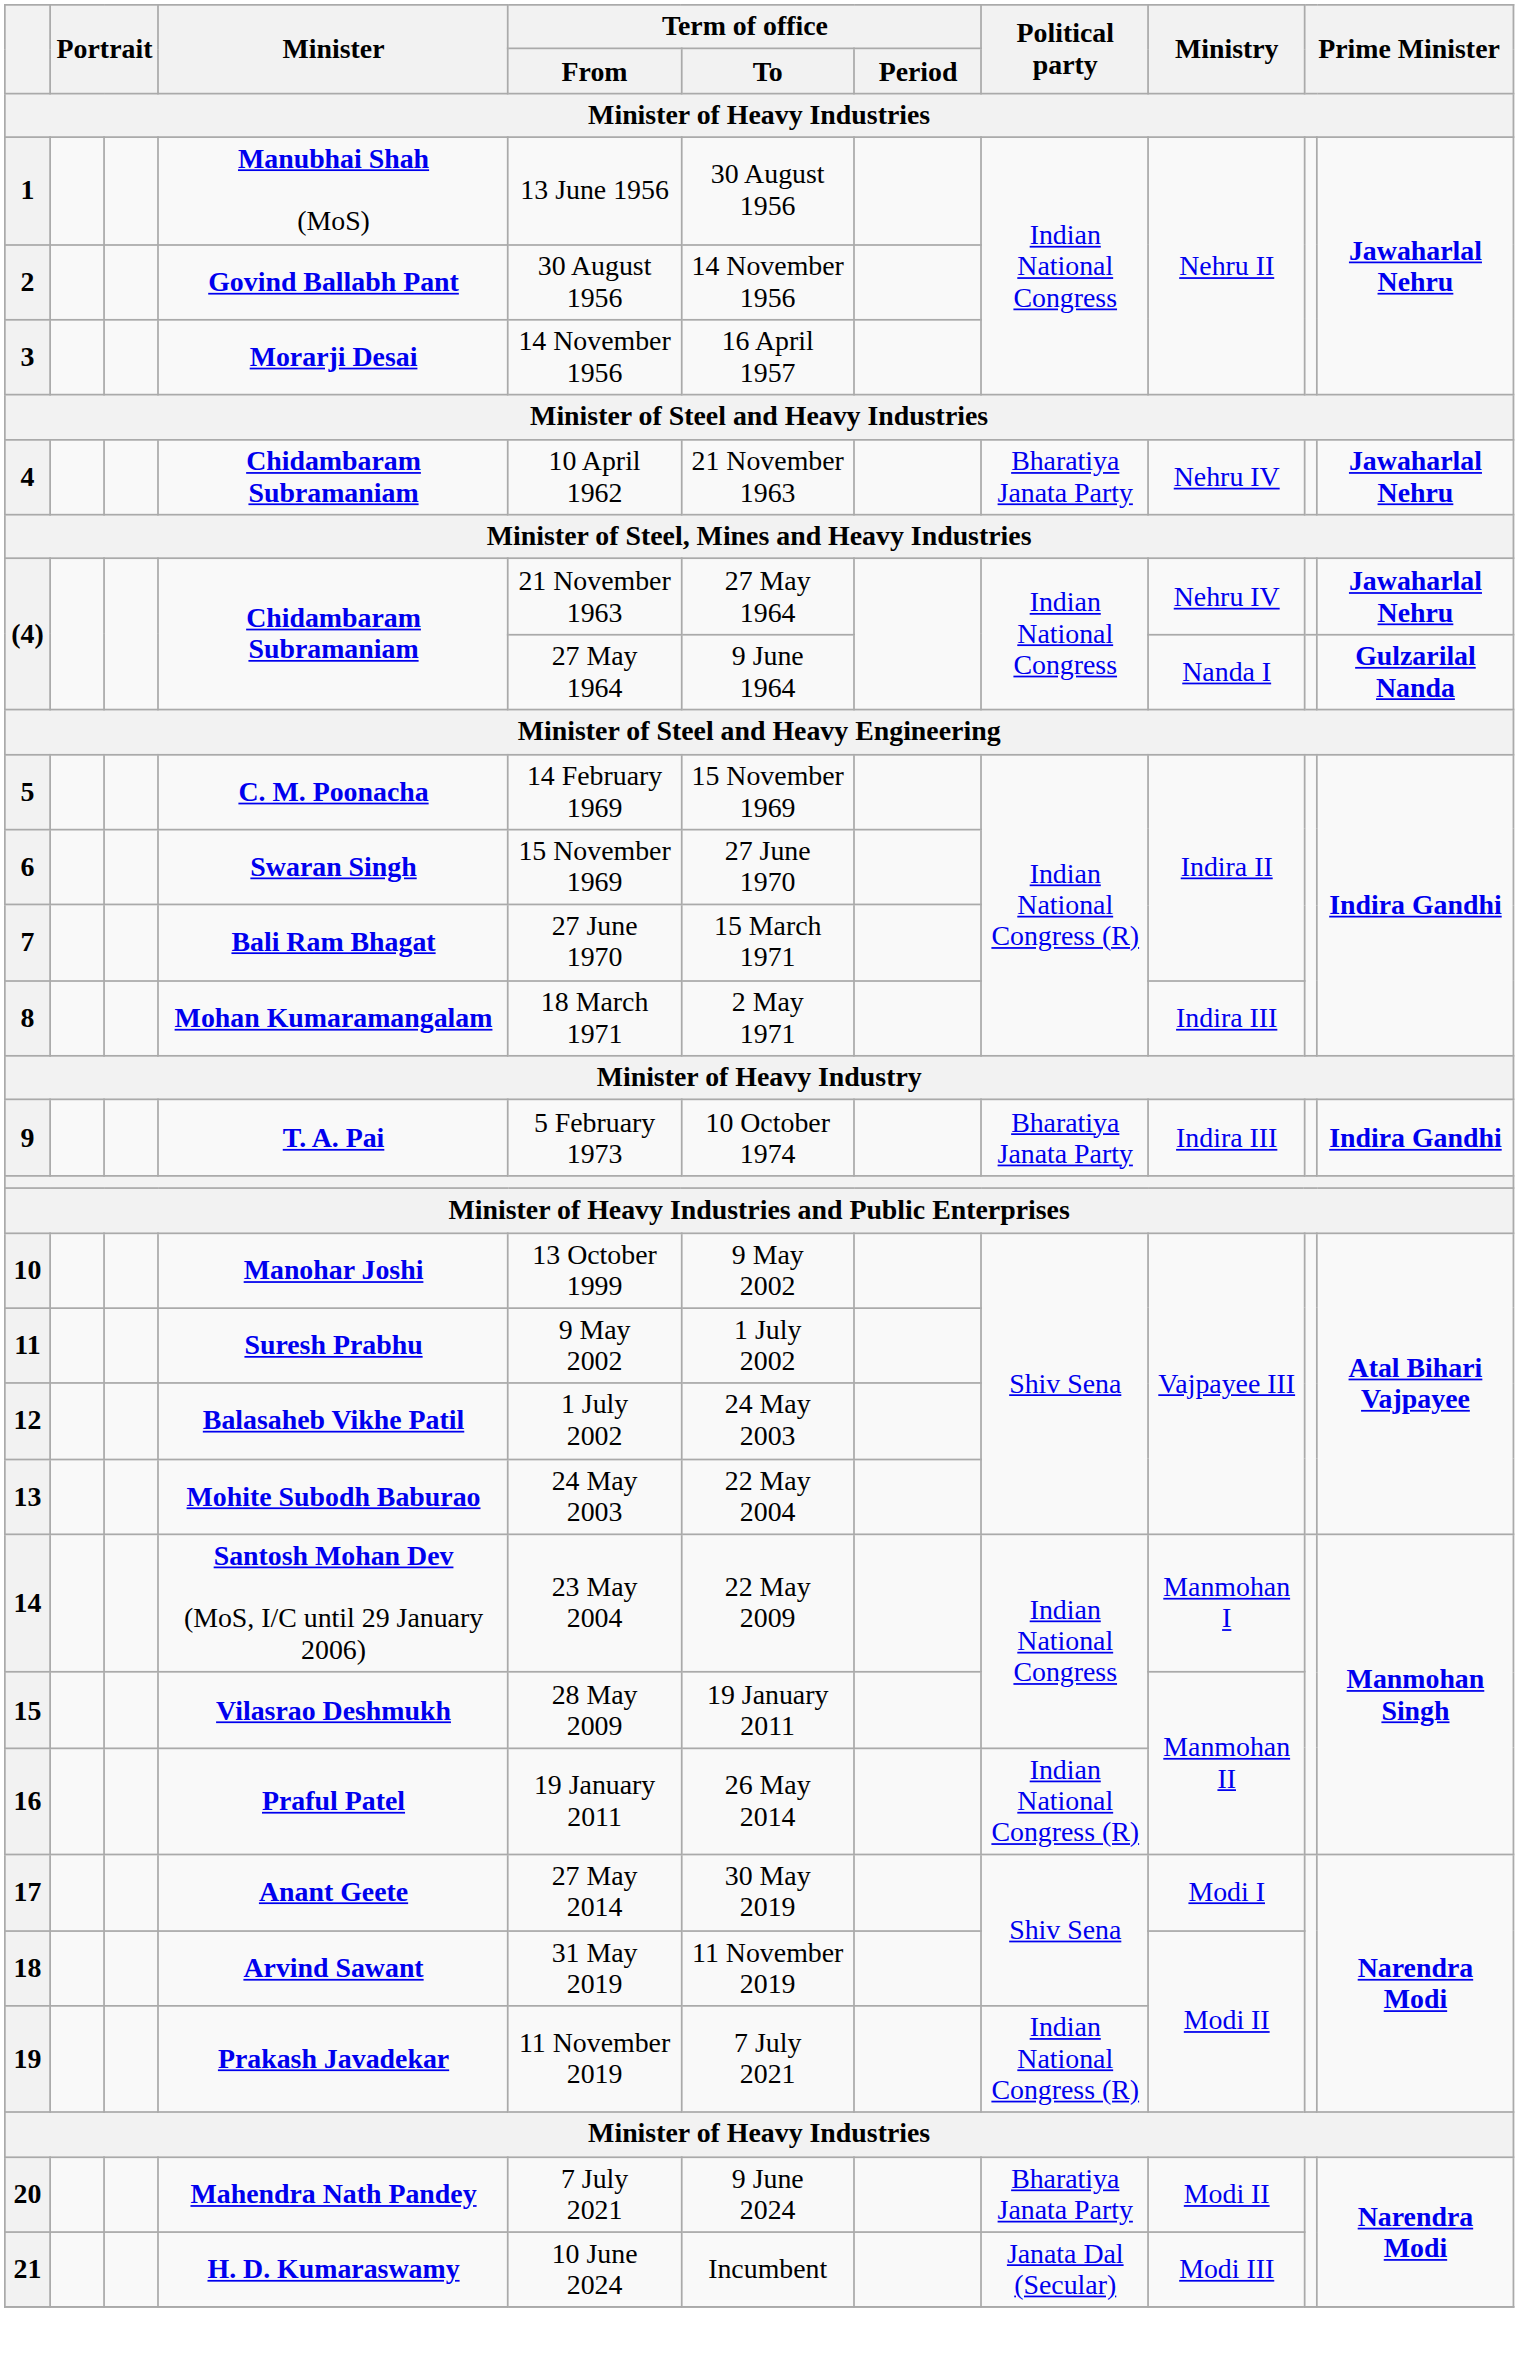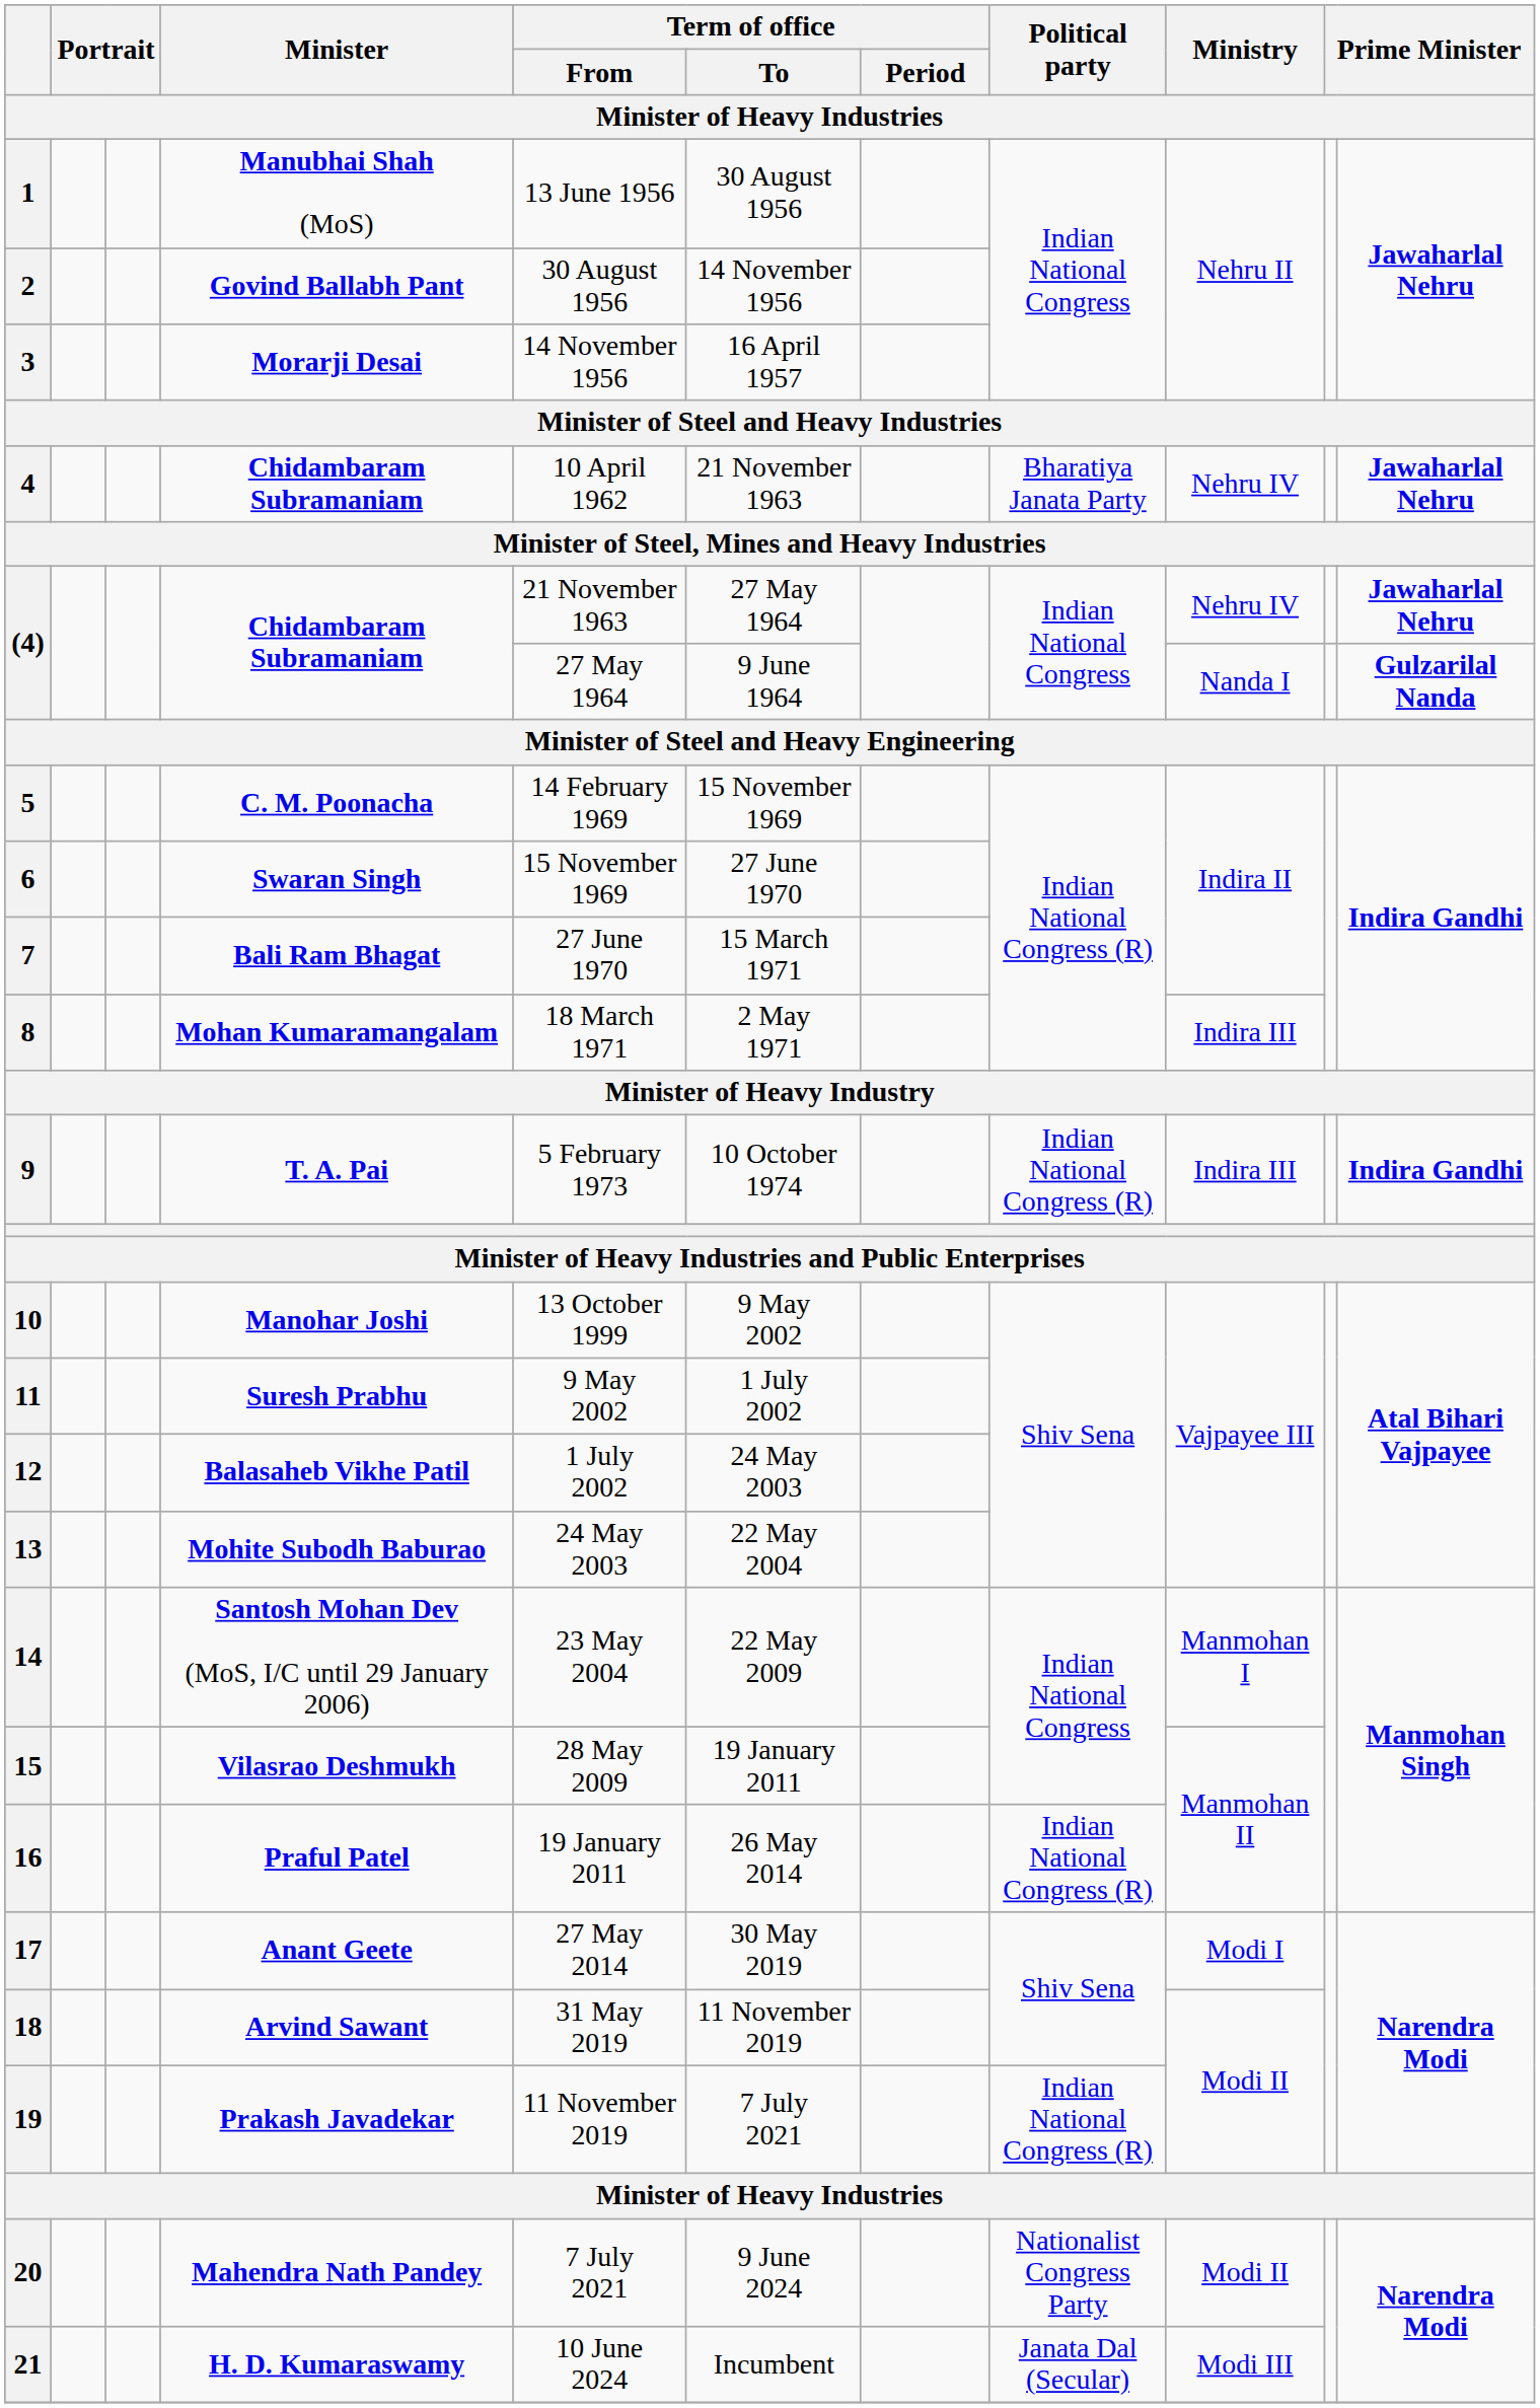 <table class="wikitable" style="text-align:center">
 <tr>
 <th rowspan="2"></th>
 <th rowspan="2" colspan="2">Portrait</th>
 <th rowspan="2" style="width:18em">Minister<br></th>
 <th colspan="3">Term of office</th>
 <th rowspan="2" style="width:8em">Political party</th>
 <th rowspan="2" style="width:6em">Ministry</th>
 <th rowspan="2" colspan="2">Prime Minister</th>
 </tr>
 <tr>
 <th style="width:8em">From</th>
 <th style="width:8em">To</th>
 <th style="width:6em">Period</th>
 </tr>
 <tr>
 <th colspan="11">Minister of Heavy Industries</th>
 </tr>
 <tr>
 <th>1</th>
 <td></td>
 <td></td>
 <td><strong><a href='#'>Manubhai Shah</a></strong><br><br>(MoS)</td>
 <td>13 June 1956</td>
 <td>30 August 1956</td>
 <td><strong></strong></td>
 <td rowspan="3"><a href='#'>Indian National Congress</a></td>
 <td rowspan="3"><a href='#'>Nehru II</a></td>
 <td rowspan="3"></td>
 <td rowspan="3"><strong><a href='#'>Jawaharlal Nehru</a></strong></td>
 </tr>
 <tr>
 <th>2</th>
 <td></td>
 <td></td>
 <td><strong><a href='#'>Govind Ballabh Pant</a></strong><br></td>
 <td>30 August<br>1956</td>
 <td>14 November<br>1956</td>
 <td><strong></strong></td>
 </tr>
 <tr>
 <th>3</th>
 <td></td>
 <td></td>
 <td><strong><a href='#'>Morarji Desai</a></strong><br></td>
 <td>14 November<br>1956</td>
 <td>16 April<br>1957</td>
 <td><strong></strong></td>
 </tr>
 <tr>
 <th colspan="11">Minister of Steel and Heavy Industries</th>
 </tr>
 <tr>
 <th>4</th>
 <td></td>
 <td></td>
 <td><strong><a href='#'>Chidambaram Subramaniam</a></strong><br></td>
 <td>10 April<br>1962</td>
 <td>21 November<br>1963</td>
 <td><strong></strong></td>
 <td><a href='#'>Bharatiya Janata Party</a></td>
 <td><a href='#'>Nehru IV</a></td>
 <td></td>
 <td><strong><a href='#'>Jawaharlal Nehru</a></strong></td>
 </tr>
 <tr>
 <th colspan="11">Minister of Steel, Mines and Heavy Industries</th>
 </tr>
 <tr>
 <th rowspan="2">(4)</th>
 <td rowspan="2"></td>
 <td rowspan="2"></td>
 <td rowspan="2"><strong><a href='#'>Chidambaram Subramaniam</a></strong><br></td>
 <td>21 November<br>1963</td>
 <td>27 May<br>1964</td>
 <td rowspan="2"><strong></strong></td>
 <td rowspan="2"><a href='#'>Indian National Congress</a></td>
 <td><a href='#'>Nehru IV</a></td>
 <td></td>
 <td><strong><a href='#'>Jawaharlal Nehru</a></strong></td>
 </tr>
 <tr>
 <td>27 May<br>1964</td>
 <td>9 June<br>1964</td>
 <td><a href='#'>Nanda I</a></td>
 <td></td>
 <td style="width:9em"><strong><a href='#'>Gulzarilal Nanda</a></strong></td>
 </tr>
 <tr>
 <th colspan="11">Minister of Steel and Heavy Engineering</th>
 </tr>
 <tr>
 <th>5</th>
 <td></td>
 <td></td>
 <td><strong><a href='#'>C. M. Poonacha</a></strong><br></td>
 <td>14 February<br>1969</td>
 <td>15 November<br>1969</td>
 <td><strong></strong></td>
 <td rowspan="4"><a href='#'>Indian National Congress (R)</a></td>
 <td rowspan="3"><a href='#'>Indira II</a></td>
 <td rowspan="4"></td>
 <td rowspan="4"><strong><a href='#'>Indira Gandhi</a></strong></td>
 </tr>
 <tr>
 <th>6</th>
 <td></td>
 <td></td>
 <td><strong><a href='#'>Swaran Singh</a></strong><br></td>
 <td>15 November<br>1969</td>
 <td>27 June<br>1970</td>
 <td><strong></strong></td>
 </tr>
 <tr>
 <th>7</th>
 <td></td>
 <td></td>
 <td><strong><a href='#'>Bali Ram Bhagat</a></strong><br></td>
 <td>27 June<br>1970</td>
 <td>15 March<br>1971</td>
 <td><strong></strong></td>
 </tr>
 <tr>
 <th>8</th>
 <td></td>
 <td></td>
 <td><strong><a href='#'>Mohan Kumaramangalam</a></strong><br></td>
 <td>18 March<br>1971</td>
 <td>2 May<br>1971</td>
 <td><strong></strong></td>
 <td><a href='#'>Indira III</a></td>
 </tr>
 <tr>
 <th colspan="11">Minister of Heavy Industry</th>
 </tr>
 <tr>
 <th>9</th>
 <td></td>
 <td></td>
 <td><strong><a href='#'>T. A. Pai</a></strong><br></td>
 <td>5 February<br>1973</td>
 <td>10 October<br>1974</td>
 <td><strong></strong></td>
-<td><a href='#'>Bharatiya Janata Party</a></td>
+<td><a href='#'>Indian National Congress (R)</a></td>
 <td><a href='#'>Indira III</a></td>
 <td></td>
 <td><strong><a href='#'>Indira Gandhi</a></strong></td>
 </tr>
 <tr>
 <th colspan="11"></th>
 </tr>
 <tr>
 <th colspan="11">Minister of Heavy Industries and Public Enterprises</th>
 </tr>
 <tr>
 <th>10</th>
 <td></td>
 <td></td>
 <td><strong><a href='#'>Manohar Joshi</a></strong><br></td>
 <td>13 October<br>1999</td>
 <td>9 May<br>2002</td>
 <td><strong></strong></td>
 <td rowspan="4"><a href='#'>Shiv Sena</a></td>
 <td rowspan="4"><a href='#'>Vajpayee III</a></td>
 <td rowspan="4"></td>
 <td rowspan="4"><strong><a href='#'>Atal Bihari Vajpayee</a></strong></td>
 </tr>
 <tr>
 <th>11</th>
 <td></td>
 <td></td>
 <td><strong><a href='#'>Suresh Prabhu</a></strong><br></td>
 <td>9 May<br>2002</td>
 <td>1 July<br>2002</td>
 <td><strong></strong></td>
 </tr>
 <tr>
 <th>12</th>
 <td></td>
 <td></td>
 <td><strong><a href='#'>Balasaheb Vikhe Patil</a></strong><br></td>
 <td>1 July<br>2002</td>
 <td>24 May<br>2003</td>
 <td><strong></strong></td>
 </tr>
 <tr>
 <th>13</th>
 <td></td>
 <td></td>
 <td><strong><a href='#'>Mohite Subodh Baburao</a></strong><br></td>
 <td>24 May<br>2003</td>
 <td>22 May<br>2004</td>
 <td><strong></strong></td>
 </tr>
 <tr>
 <th>14</th>
 <td></td>
 <td></td>
 <td><strong><a href='#'>Santosh Mohan Dev</a></strong><br><br>(MoS, I/C until 29 January 2006)</td>
 <td>23 May<br>2004</td>
 <td>22 May<br>2009</td>
 <td><strong></strong></td>
 <td rowspan="2"><a href='#'>Indian National Congress</a></td>
 <td><a href='#'>Manmohan I</a></td>
 <td rowspan="3"></td>
 <td rowspan="3"><strong><a href='#'>Manmohan Singh</a></strong></td>
 </tr>
 <tr>
 <th>15</th>
 <td></td>
 <td></td>
 <td><strong><a href='#'>Vilasrao Deshmukh</a></strong><br></td>
 <td>28 May<br>2009</td>
 <td>19 January<br>2011</td>
 <td><strong></strong></td>
 <td rowspan="2"><a href='#'>Manmohan II</a></td>
 </tr>
 <tr>
 <th>16</th>
 <td></td>
 <td></td>
 <td><strong><a href='#'>Praful Patel</a></strong><br></td>
 <td>19 January<br>2011</td>
 <td>26 May<br>2014</td>
 <td><strong></strong></td>
 <td><a href='#'>Indian National Congress (R)</a></td>
 </tr>
 <tr>
 <th>17</th>
 <td></td>
 <td></td>
 <td><strong><a href='#'>Anant Geete</a></strong><br></td>
 <td>27 May<br>2014</td>
 <td>30 May<br>2019</td>
 <td><strong></strong></td>
 <td rowspan="2"><a href='#'>Shiv Sena</a></td>
 <td><a href='#'>Modi I</a></td>
 <td rowspan="3"></td>
 <td rowspan="3"><strong><a href='#'>Narendra Modi</a></strong></td>
 </tr>
 <tr>
 <th>18</th>
 <td></td>
 <td></td>
 <td><strong><a href='#'>Arvind Sawant</a></strong><br></td>
 <td>31 May<br>2019</td>
 <td>11 November<br>2019</td>
 <td><strong></strong></td>
 <td rowspan="2"><a href='#'>Modi II</a></td>
 </tr>
 <tr>
 <th>19</th>
 <td></td>
 <td></td>
 <td><strong><a href='#'>Prakash Javadekar</a></strong><br></td>
 <td>11 November<br>2019</td>
 <td>7 July<br>2021</td>
 <td><strong></strong></td>
 <td><a href='#'>Indian National Congress (R)</a></td>
 </tr>
 <tr>
 <th colspan="11">Minister of Heavy Industries</th>
 </tr>
 <tr>
 <th>20</th>
 <td></td>
 <td></td>
 <td><strong><a href='#'>Mahendra Nath Pandey</a></strong><br></td>
 <td>7 July<br>2021</td>
 <td>9 June<br>2024</td>
 <td><strong></strong></td>
-<td><a href='#'>Bharatiya Janata Party</a></td>
+<td><a href='#'>Nationalist Congress Party</a></td>
 <td><a href='#'>Modi II</a></td>
 <td rowspan="2"></td>
 <td rowspan="2"><strong><a href='#'>Narendra Modi</a></strong></td>
 </tr>
 <tr>
 <th>21</th>
 <td></td>
 <td></td>
 <td><strong><a href='#'>H. D. Kumaraswamy</a></strong><br></td>
 <td>10 June<br>2024</td>
 <td>Incumbent</td>
 <td><strong></strong></td>
 <td><a href='#'>Janata Dal (Secular)</a></td>
 <td><a href='#'>Modi III</a></td>
 </tr>
 <tr>
 </tr>
 </table>
